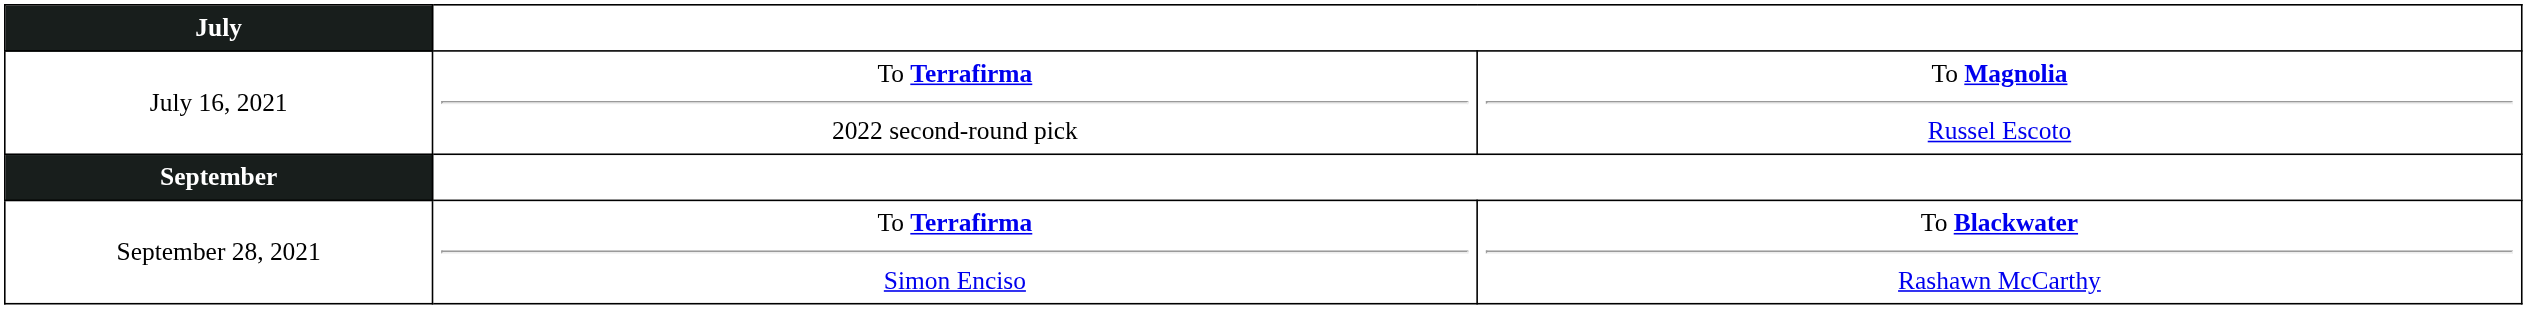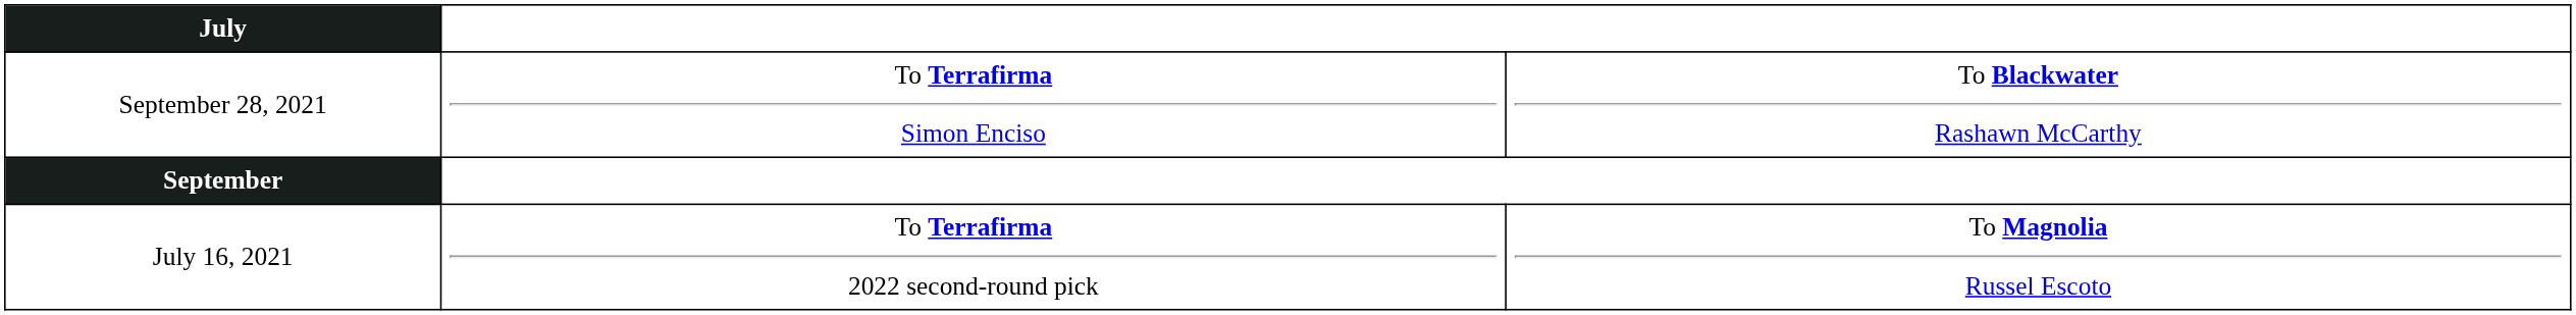 <table border=1 style="border-collapse:collapse; text-align: center; width: 100%" bordercolor="#000000"  cellpadding="5">
 <tr bgcolor="eeeeee">
 <th style="background:#181E1C; color:#FFFFFF; ">July</th>
+</tr>
+<tr>
+<td style="width:12%">September 28, 2021</td>
+<td style="width:29.3%" valign="top">To <strong><a href='#'>Terrafirma</a></strong><hr><a href='#'>Simon Enciso</a></td>
+<td style="width:29.3%" valign="top">To <strong><a href='#'>Blackwater</a></strong><hr><a href='#'>Rashawn McCarthy</a></td>
+</tr>
+<tr>
+<th style="background:#181E1C; color:#FFFFFF; ">September</th>
 </tr>
 <tr>
 <td style="width:12%">July 16, 2021</td>
 <td style="width:29.3%" valign="top">To <strong><a href='#'>Terrafirma</a></strong><hr>2022 second-round pick</td>
 <td style="width:29.3%" valign="top">To <strong><a href='#'>Magnolia</a></strong><hr><a href='#'>Russel Escoto</a></td>
 </tr>
-<tr>
-<th style="background:#181E1C; color:#FFFFFF; ">September</th>
-</tr>
-<tr>
-<td style="width:12%">September 28, 2021</td>
-<td style="width:29.3%" valign="top">To <strong><a href='#'>Terrafirma</a></strong><hr><a href='#'>Simon Enciso</a></td>
-<td style="width:29.3%" valign="top">To <strong><a href='#'>Blackwater</a></strong><hr><a href='#'>Rashawn McCarthy</a></td>
-</tr>
 </table>
